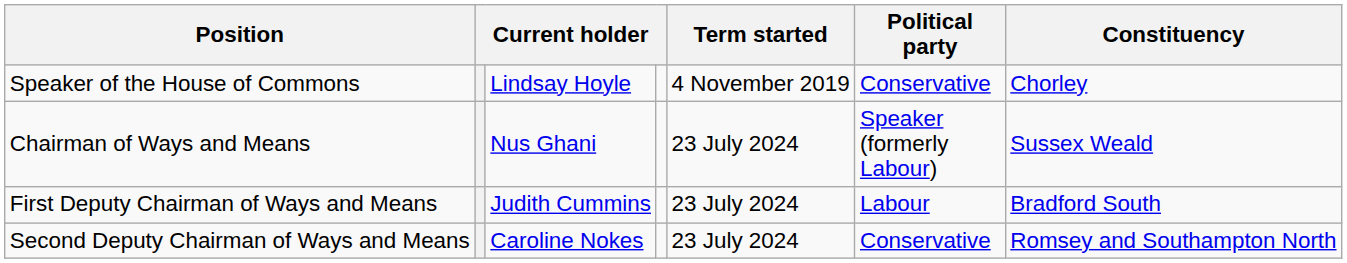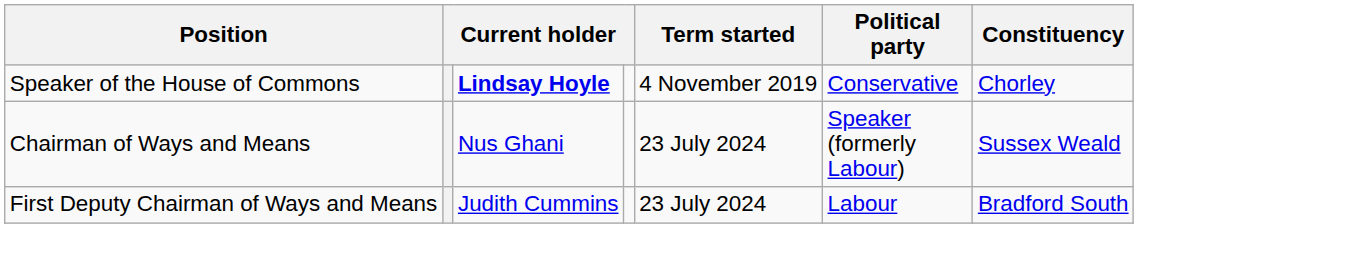 <table class="wikitable">
 <tr>
 <th>Position</th>
 <th colspan=3>Current holder</th>
 <th>Term started</th>
 <th width=100>Political party</th>
 <th>Constituency</th>
 </tr>
 <tr>
 <td>Speaker of the House of Commons</td>
 <th style="background-color: "></th>
-<td><a href='#'>Lindsay Hoyle</a></td>
+<td><strong><a href='#'>Lindsay Hoyle</a></strong></td>
 <td></td>
 <td>4 November 2019</td>
 <td><a href='#'>Conservative</a></td>
 <td><a href='#'>Chorley</a></td>
 </tr>
 <tr>
 <td>Chairman of Ways and Means<br></td>
 <th style="background-color: "></th>
 <td><a href='#'>Nus Ghani</a></td>
 <td></td>
 <td>23 July 2024</td>
 <td><a href='#'>Speaker</a> (formerly <a href='#'>Labour</a>)</td>
 <td><a href='#'>Sussex Weald</a></td>
 </tr>
 <tr>
 <td>First Deputy Chairman of Ways and Means</td>
 <th style="background-color: "></th>
 <td><a href='#'>Judith Cummins</a></td>
 <td></td>
 <td>23 July 2024</td>
 <td><a href='#'>Labour</a></td>
 <td><a href='#'>Bradford South</a></td>
 </tr>
-<tr>
-<td>Second Deputy Chairman of Ways and Means<br></td>
-<th style="background-color: "></th>
-<td><a href='#'>Caroline Nokes</a></td>
-<td></td>
-<td>23 July 2024</td>
-<td><a href='#'>Conservative</a></td>
-<td><a href='#'>Romsey and Southampton North</a></td>
-</tr>
 </table>
